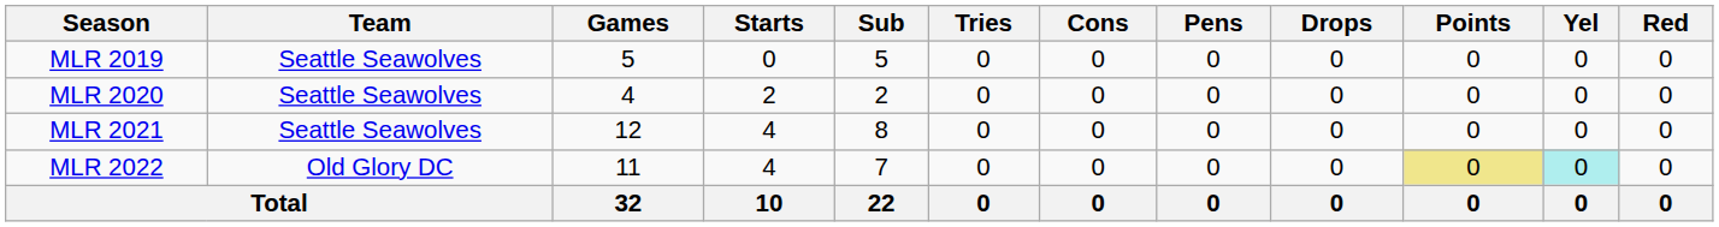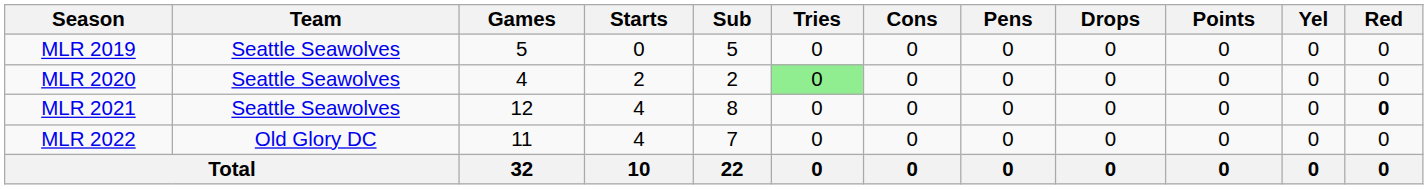 <table class="wikitable" style="text-align:center; line-height:100%; font-size:100%; width:70%;">
 <tr>
 <th>Season</th>
 <th>Team</th>
 <th>Games</th>
 <th>Starts</th>
 <th>Sub</th>
 <th>Tries</th>
 <th>Cons</th>
 <th>Pens</th>
 <th>Drops</th>
 <th>Points</th>
 <th>Yel</th>
 <th>Red</th>
 </tr>
 <tr>
 <td><a href='#'>MLR 2019</a></td>
 <td><a href='#'>Seattle Seawolves</a></td>
 <td>5</td>
 <td>0</td>
 <td>5</td>
 <td>0</td>
 <td>0</td>
 <td>0</td>
 <td>0</td>
 <td>0</td>
 <td>0</td>
 <td>0</td>
 </tr>
 <tr>
 <td><a href='#'>MLR 2020</a></td>
 <td><a href='#'>Seattle Seawolves</a></td>
 <td>4</td>
 <td>2</td>
 <td>2</td>
-<td>0</td>
+<td style="background: lightgreen;">0</td>
 <td>0</td>
 <td>0</td>
 <td>0</td>
 <td>0</td>
 <td>0</td>
 <td>0</td>
 </tr>
 <tr>
 <td><a href='#'>MLR 2021</a></td>
 <td><a href='#'>Seattle Seawolves</a></td>
 <td>12</td>
 <td>4</td>
 <td>8</td>
 <td>0</td>
 <td>0</td>
 <td>0</td>
 <td>0</td>
 <td>0</td>
 <td>0</td>
-<td>0</td>
+<td><strong>0</strong></td>
 </tr>
 <tr>
 <td><a href='#'>MLR 2022</a></td>
 <td><a href='#'>Old Glory DC</a></td>
 <td>11</td>
 <td>4</td>
 <td>7</td>
 <td>0</td>
 <td>0</td>
 <td>0</td>
 <td>0</td>
-<td style="background: khaki;">0</td>
-<td style="background: paleturquoise;">0</td>
+<td>0</td>
+<td>0</td>
 <td>0</td>
 </tr>
 <tr>
 <th colspan="2">Total</th>
 <th>32</th>
 <th>10</th>
 <th>22</th>
 <th>0</th>
 <th>0</th>
 <th>0</th>
 <th>0</th>
 <th>0</th>
 <th>0</th>
 <th>0</th>
 </tr>
 </table>
